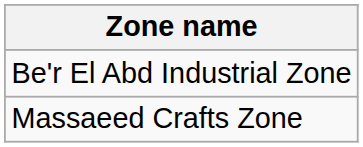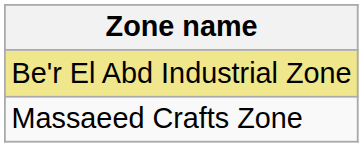 <table class="wikitable">
 <tr>
 <th>Zone name</th>
 </tr>
 <tr>
-<td rowspan="1">Be'r El Abd Industrial Zone</td>
+<td rowspan="1" style="background: khaki;">Be'r El Abd Industrial Zone</td>
 </tr>
 <tr>
 <td rowspan="1">Massaeed Crafts Zone</td>
 </tr>
 </table>
